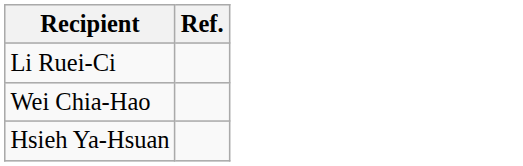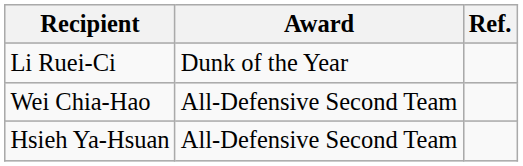 <table class="wikitable">
 <tr>
 <th>Recipient</th>
+<th>Award</th>
 <th>Ref.</th>
 </tr>
 <tr>
 <td>Li Ruei-Ci</td>
+<td>Dunk of the Year</td>
 <td></td>
 </tr>
 <tr>
 <td>Wei Chia-Hao</td>
+<td>All-Defensive Second Team</td>
 <td></td>
 </tr>
 <tr>
 <td>Hsieh Ya-Hsuan</td>
+<td>All-Defensive Second Team</td>
 <td></td>
 </tr>
 </table>
